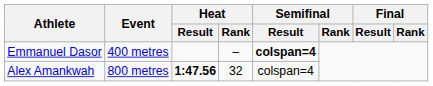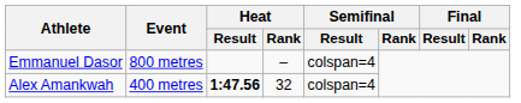 <table class="wikitable" style="font-size:90%">
 <tr>
 <th rowspan="2">Athlete</th>
 <th rowspan="2">Event</th>
 <th colspan="2">Heat</th>
 <th colspan="2">Semifinal</th>
 <th colspan="2">Final</th>
 </tr>
 <tr style="font-size:95%">
 <th>Result</th>
 <th>Rank</th>
 <th>Result</th>
 <th>Rank</th>
 <th>Result</th>
 <th>Rank</th>
 </tr>
 <tr style=text-align:center>
 <td style=text-align:left><a href='#'>Emmanuel Dasor</a></td>
-<td style=text-align:left><a href='#'>400 metres</a></td>
+<td style=text-align:left><a href='#'>800 metres</a></td>
 <td></td>
 <td>–</td>
-<td><strong>colspan=4 </strong></td>
+<td>colspan=4 </td>
 </tr>
 <tr style=text-align:center>
 <td style=text-align:left><a href='#'>Alex Amankwah</a></td>
-<td style=text-align:left><a href='#'>800 metres</a></td>
+<td style=text-align:left><a href='#'>400 metres</a></td>
 <td><strong>1:47.56</strong></td>
 <td>32</td>
 <td>colspan=4 </td>
 </tr>
 </table>
